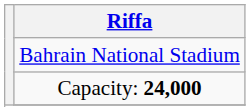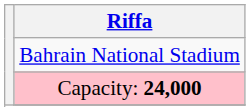 <table class="wikitable" style="text-align:center">
 <tr>
 <th rowspan="4"></th>
 <th><a href='#'>Riffa</a></th>
 </tr>
 <tr>
 <td><a href='#'>Bahrain National Stadium</a></td>
 </tr>
 <tr>
-<td>Capacity: <strong>24,000</strong></td>
+<td style="background: pink;">Capacity: <strong>24,000</strong></td>
 </tr>
 <tr>
 </tr>
 </table>
